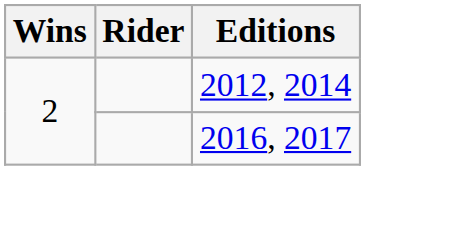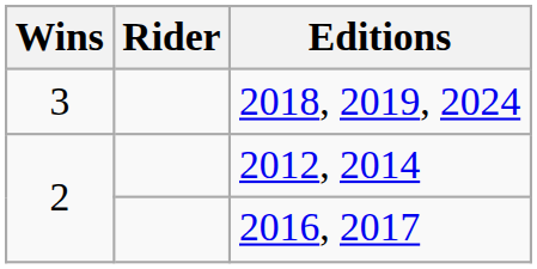 <table class="wikitable">
 <tr>
 <th>Wins</th>
 <th>Rider</th>
 <th>Editions</th>
+</tr>
+<tr>
+<td align=center rowspan=1>3</td>
+<td><strong></strong></td>
+<td><a href='#'>2018</a>, <a href='#'>2019</a>, <a href='#'>2024</a></td>
 </tr>
 <tr>
 <td align=center rowspan=2>2</td>
 <td></td>
 <td><a href='#'>2012</a>, <a href='#'>2014</a></td>
 </tr>
 <tr>
 <td></td>
 <td><a href='#'>2016</a>, <a href='#'>2017</a></td>
 </tr>
 </table>
